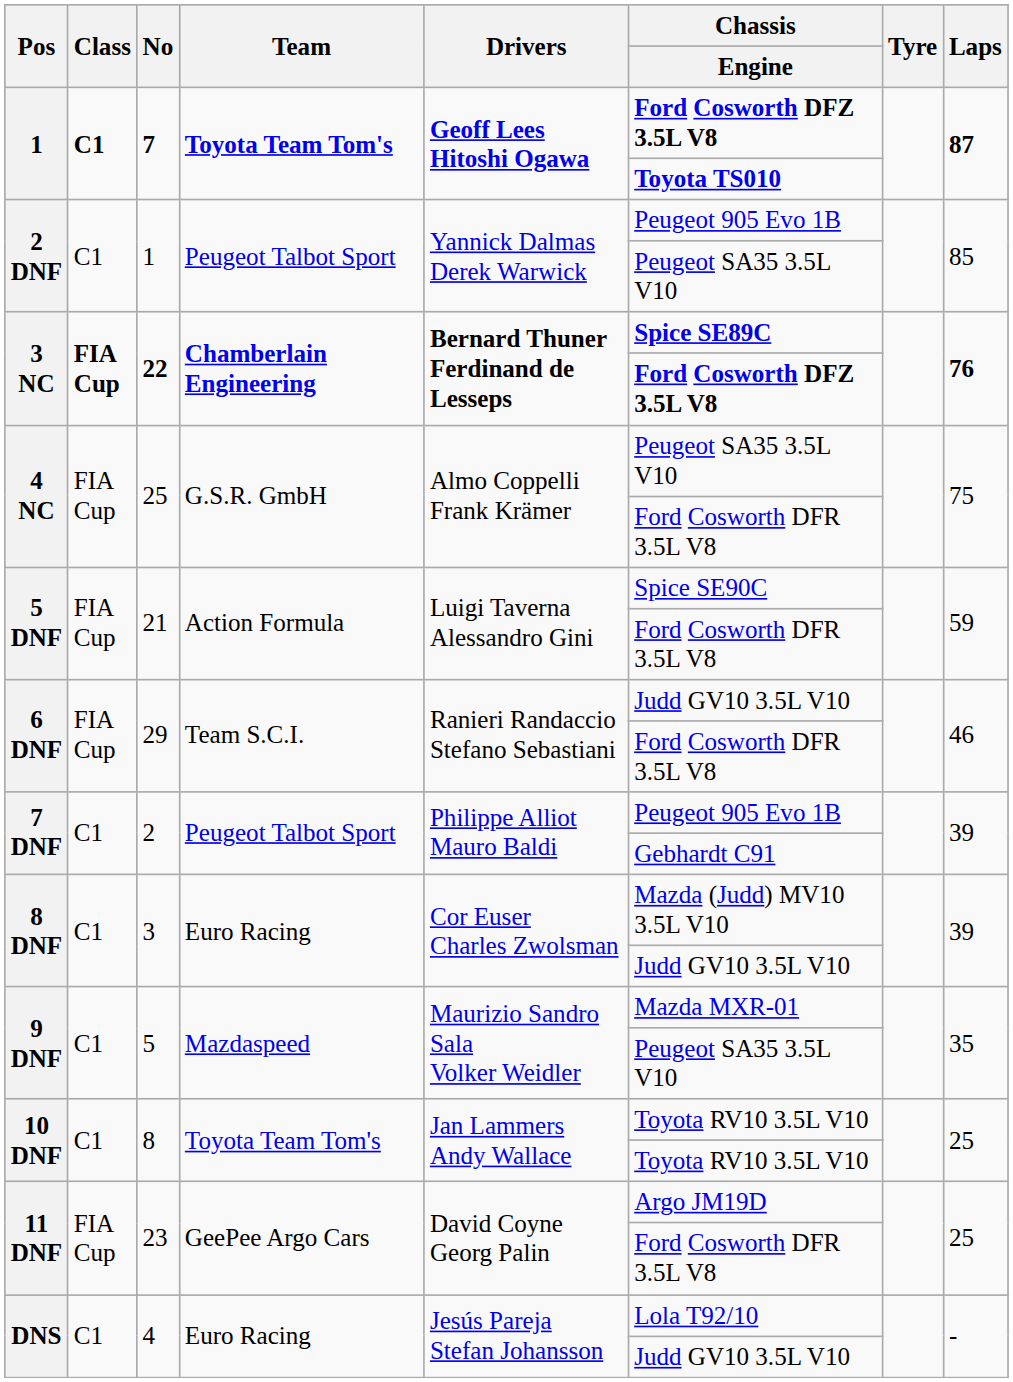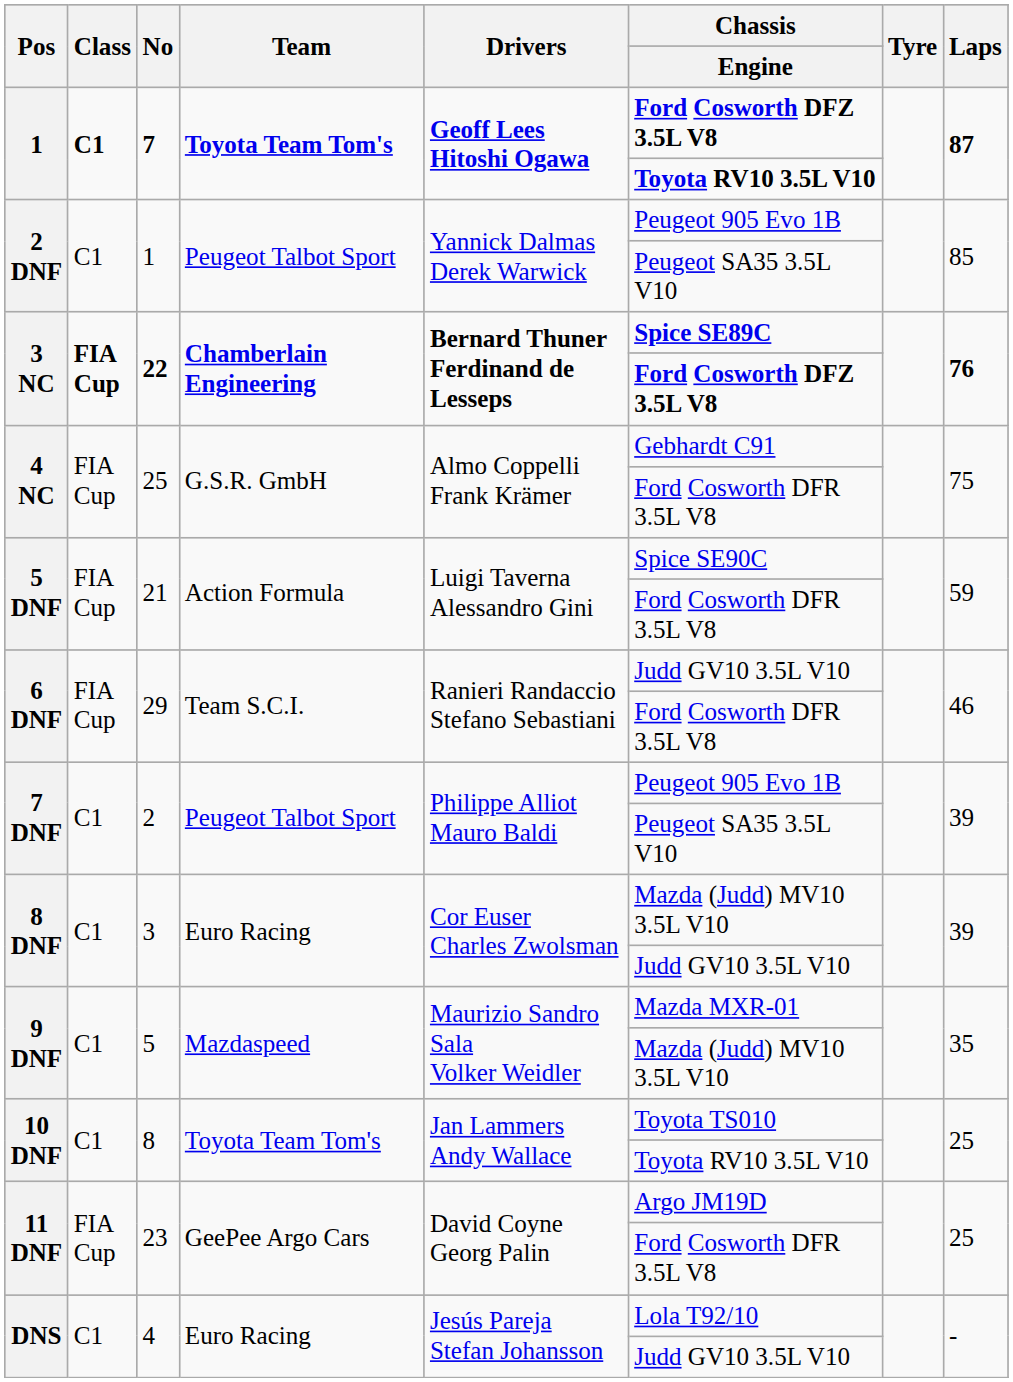 <table class="wikitable" style="font-size: 95%;">
 <tr>
 <th rowspan=2>Pos</th>
 <th rowspan=2>Class</th>
 <th rowspan=2>No</th>
 <th rowspan=2>Team</th>
 <th rowspan=2>Drivers</th>
 <th>Chassis</th>
 <th rowspan=2>Tyre</th>
 <th rowspan=2>Laps</th>
 </tr>
 <tr>
 <th>Engine</th>
 </tr>
 <tr style="font-weight:bold">
 <th rowspan=2>1</th>
 <td rowspan=2>C1</td>
 <td rowspan=2>7</td>
 <td rowspan=2> <a href='#'>Toyota Team Tom's</a></td>
 <td rowspan=2> <a href='#'>Geoff Lees</a><br> <a href='#'>Hitoshi Ogawa</a></td>
 <td><a href='#'>Ford</a> <a href='#'>Cosworth</a> DFZ 3.5L V8</td>
 <td rowspan=2></td>
 <td rowspan=2>87</td>
 </tr>
 <tr style="font-weight:bold">
-<td><a href='#'>Toyota TS010</a></td>
+<td><a href='#'>Toyota</a> RV10 3.5L V10</td>
 </tr>
 <tr>
 <th rowspan=2>2<br>DNF</th>
 <td rowspan=2>C1</td>
 <td rowspan=2>1</td>
 <td rowspan=2> <a href='#'>Peugeot Talbot Sport</a></td>
 <td rowspan=2> <a href='#'>Yannick Dalmas</a><br> <a href='#'>Derek Warwick</a></td>
 <td><a href='#'>Peugeot 905 Evo 1B</a></td>
 <td rowspan=2></td>
 <td rowspan=2>85</td>
 </tr>
 <tr>
 <td><a href='#'>Peugeot</a> SA35 3.5L V10</td>
 </tr>
 <tr style="font-weight:bold">
 <th rowspan=2>3<br>NC</th>
 <td rowspan=2>FIA<br>Cup</td>
 <td rowspan=2>22</td>
 <td rowspan=2> <a href='#'>Chamberlain Engineering</a></td>
 <td rowspan=2> Bernard Thuner<br> Ferdinand de Lesseps</td>
 <td><a href='#'>Spice SE89C</a></td>
 <td rowspan=2></td>
 <td rowspan=2>76</td>
 </tr>
 <tr style="font-weight:bold">
 <td><a href='#'>Ford</a> <a href='#'>Cosworth</a> DFZ 3.5L V8</td>
 </tr>
 <tr>
 <th rowspan=2>4<br>NC</th>
 <td rowspan=2>FIA<br>Cup</td>
 <td rowspan=2>25</td>
 <td rowspan=2> G.S.R. GmbH</td>
 <td rowspan=2> Almo Coppelli<br> Frank Krämer</td>
-<td><a href='#'>Peugeot</a> SA35 3.5L V10</td>
+<td><a href='#'>Gebhardt C91</a></td>
 <td rowspan=2></td>
 <td rowspan=2>75</td>
 </tr>
 <tr>
 <td><a href='#'>Ford</a> <a href='#'>Cosworth</a> DFR 3.5L V8</td>
 </tr>
 <tr>
 <th rowspan=2>5<br>DNF</th>
 <td rowspan=2>FIA<br>Cup</td>
 <td rowspan=2>21</td>
 <td rowspan=2> Action Formula</td>
 <td rowspan=2> Luigi Taverna<br> Alessandro Gini</td>
 <td><a href='#'>Spice SE90C</a></td>
 <td rowspan=2></td>
 <td rowspan=2>59</td>
 </tr>
 <tr>
 <td><a href='#'>Ford</a> <a href='#'>Cosworth</a> DFR 3.5L V8</td>
 </tr>
 <tr>
 <th rowspan=2>6<br>DNF</th>
 <td rowspan=2>FIA<br>Cup</td>
 <td rowspan=2>29</td>
 <td rowspan=2> Team S.C.I.</td>
 <td rowspan=2> Ranieri Randaccio<br> Stefano Sebastiani</td>
 <td><a href='#'>Judd</a> GV10 3.5L V10</td>
 <td rowspan=2></td>
 <td rowspan=2>46</td>
 </tr>
 <tr>
 <td><a href='#'>Ford</a> <a href='#'>Cosworth</a> DFR 3.5L V8</td>
 </tr>
 <tr>
 <th rowspan=2>7<br>DNF</th>
 <td rowspan=2>C1</td>
 <td rowspan=2>2</td>
 <td rowspan=2> <a href='#'>Peugeot Talbot Sport</a></td>
 <td rowspan=2> <a href='#'>Philippe Alliot</a><br> <a href='#'>Mauro Baldi</a></td>
 <td><a href='#'>Peugeot 905 Evo 1B</a></td>
 <td rowspan=2></td>
 <td rowspan=2>39</td>
 </tr>
 <tr>
-<td><a href='#'>Gebhardt C91</a></td>
+<td><a href='#'>Peugeot</a> SA35 3.5L V10</td>
 </tr>
 <tr>
 <th rowspan=2>8<br>DNF</th>
 <td rowspan=2>C1</td>
 <td rowspan=2>3</td>
 <td rowspan=2> Euro Racing</td>
 <td rowspan=2> <a href='#'>Cor Euser</a><br> <a href='#'>Charles Zwolsman</a></td>
 <td><a href='#'>Mazda</a> (<a href='#'>Judd</a>) MV10 3.5L V10</td>
 <td rowspan=2></td>
 <td rowspan=2>39</td>
 </tr>
 <tr>
 <td><a href='#'>Judd</a> GV10 3.5L V10</td>
 </tr>
 <tr>
 <th rowspan=2>9<br>DNF</th>
 <td rowspan=2>C1</td>
 <td rowspan=2>5</td>
 <td rowspan=2> <a href='#'>Mazdaspeed</a></td>
 <td rowspan=2> <a href='#'>Maurizio Sandro Sala</a><br> <a href='#'>Volker Weidler</a></td>
 <td><a href='#'>Mazda MXR-01</a></td>
 <td rowspan=2></td>
 <td rowspan=2>35</td>
 </tr>
 <tr>
-<td><a href='#'>Peugeot</a> SA35 3.5L V10</td>
+<td><a href='#'>Mazda</a> (<a href='#'>Judd</a>) MV10 3.5L V10</td>
 </tr>
 <tr>
 <th rowspan=2>10<br>DNF</th>
 <td rowspan=2>C1</td>
 <td rowspan=2>8</td>
 <td rowspan=2> <a href='#'>Toyota Team Tom's</a></td>
 <td rowspan=2> <a href='#'>Jan Lammers</a><br> <a href='#'>Andy Wallace</a></td>
-<td><a href='#'>Toyota</a> RV10 3.5L V10</td>
+<td><a href='#'>Toyota TS010</a></td>
 <td rowspan=2></td>
 <td rowspan=2>25</td>
 </tr>
 <tr>
 <td><a href='#'>Toyota</a> RV10 3.5L V10</td>
 </tr>
 <tr>
 <th rowspan=2>11<br>DNF</th>
 <td rowspan=2>FIA<br>Cup</td>
 <td rowspan=2>23</td>
 <td rowspan=2> GeePee Argo Cars</td>
 <td rowspan=2> David Coyne<br> Georg Palin</td>
 <td><a href='#'>Argo JM19D</a></td>
 <td rowspan=2></td>
 <td rowspan=2>25</td>
 </tr>
 <tr>
 <td><a href='#'>Ford</a> <a href='#'>Cosworth</a> DFR 3.5L V8</td>
 </tr>
 <tr>
 <th rowspan=2>DNS</th>
 <td rowspan=2>C1</td>
 <td rowspan=2>4</td>
 <td rowspan=2> Euro Racing</td>
 <td rowspan=2> <a href='#'>Jesús Pareja</a><br> <a href='#'>Stefan Johansson</a></td>
 <td><a href='#'>Lola T92/10</a></td>
 <td rowspan=2></td>
 <td rowspan=2>-</td>
 </tr>
 <tr>
 <td><a href='#'>Judd</a> GV10 3.5L V10</td>
 </tr>
 </table>
